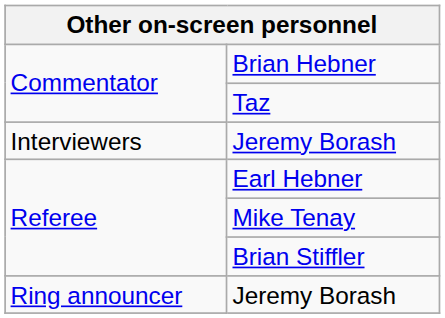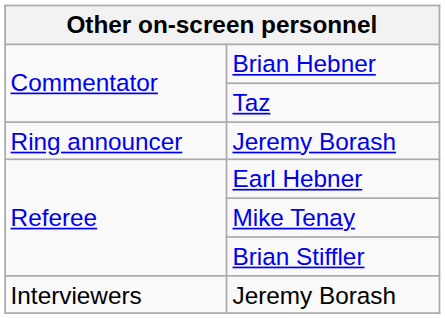 <table align="right" class="wikitable" style="border:1px; font-size:90%; margin-left:1em;">
 <tr>
 <th colspan="2" width="250"><strong>Other on-screen personnel</strong></th>
 </tr>
 <tr>
 <td rowspan=2><a href='#'>Commentator</a></td>
 <td><a href='#'>Brian Hebner</a></td>
 </tr>
 <tr>
 <td><a href='#'>Taz</a></td>
 </tr>
 <tr>
-<td rowspan=1>Interviewers</td>
+<td><a href='#'>Ring announcer</a></td>
 <td><a href='#'>Jeremy Borash</a></td>
 </tr>
 <tr>
 <td rowspan=3><a href='#'>Referee</a></td>
 <td><a href='#'>Earl Hebner</a></td>
 </tr>
 <tr>
 <td><a href='#'>Mike Tenay</a></td>
 </tr>
 <tr>
 <td><a href='#'>Brian Stiffler</a></td>
 </tr>
 <tr>
-<td><a href='#'>Ring announcer</a></td>
+<td rowspan=1>Interviewers</td>
 <td>Jeremy Borash</td>
 </tr>
 <tr>
 </tr>
 </table>
